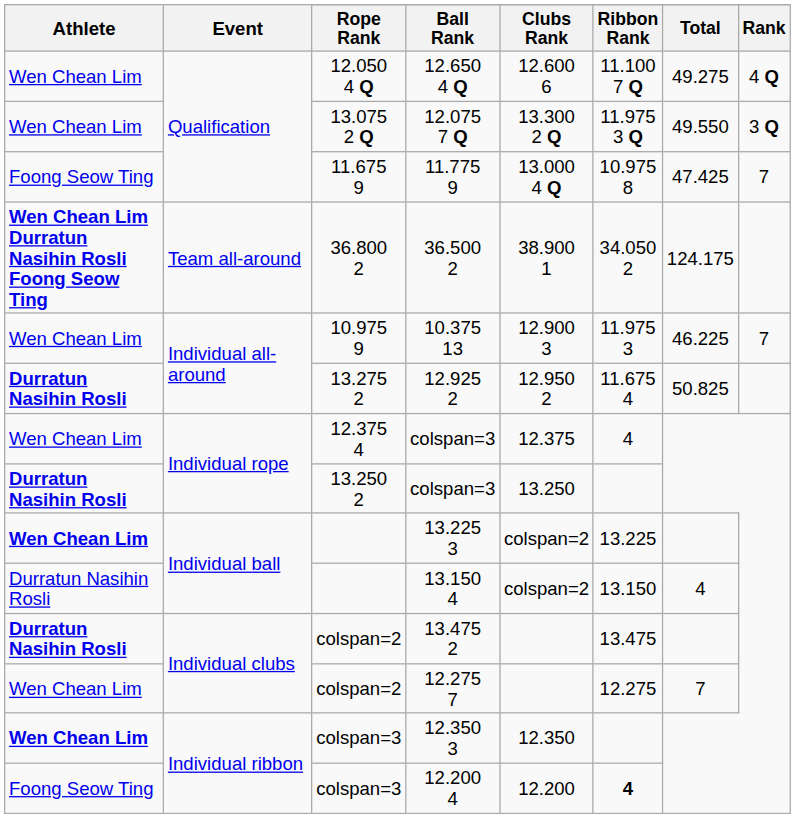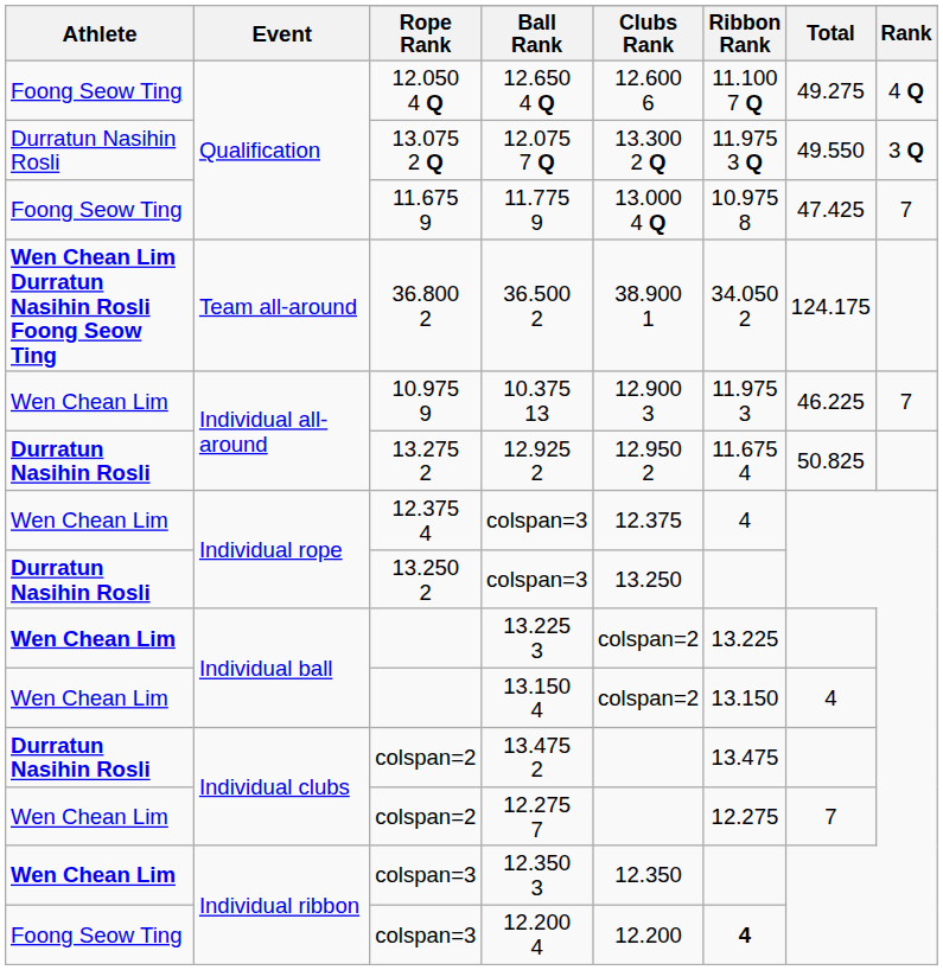 <table class=wikitable style="font-size:90%">
 <tr>
 <th rowspan=2>Athlete</th>
 <th rowspan=2>Event</th>
 </tr>
 <tr style="font-size:95%">
 <th>Rope<br>Rank</th>
 <th>Ball<br>Rank</th>
 <th>Clubs<br>Rank</th>
 <th>Ribbon<br>Rank</th>
 <th>Total</th>
 <th>Rank</th>
 </tr>
 <tr align=center>
-<td align=left><a href='#'>Wen Chean Lim</a></td>
+<td align=left><a href='#'>Foong Seow Ting</a></td>
 <td align=left rowspan=3><a href='#'>Qualification</a></td>
 <td>12.050<br>4 <strong>Q</strong></td>
 <td>12.650<br>4 <strong>Q</strong></td>
 <td>12.600<br>6</td>
 <td>11.100<br>7 <strong>Q</strong></td>
 <td>49.275</td>
 <td>4 <strong>Q</strong></td>
 </tr>
 <tr align=center>
-<td align=left><a href='#'>Wen Chean Lim</a></td>
+<td align=left><a href='#'>Durratun Nasihin Rosli</a></td>
 <td>13.075<br>2 <strong>Q</strong></td>
 <td>12.075<br>7 <strong>Q</strong></td>
 <td>13.300<br>2 <strong>Q</strong></td>
 <td>11.975<br>3 <strong>Q</strong></td>
 <td>49.550</td>
 <td>3 <strong>Q</strong></td>
 </tr>
 <tr align=center>
 <td align=left><a href='#'>Foong Seow Ting</a></td>
 <td>11.675<br>9</td>
 <td>11.775<br>9</td>
 <td>13.000<br>4 <strong>Q</strong></td>
 <td>10.975<br>8</td>
 <td>47.425</td>
 <td>7</td>
 </tr>
 <tr align=center>
 <td align=left><strong><a href='#'>Wen Chean Lim</a><br><a href='#'>Durratun Nasihin Rosli</a><br><a href='#'>Foong Seow Ting</a></strong></td>
 <td align=left><a href='#'>Team all-around</a></td>
 <td>36.800<br>2</td>
 <td>36.500<br>2</td>
 <td>38.900<br>1</td>
 <td>34.050<br>2</td>
 <td>124.175</td>
 <td></td>
 </tr>
 <tr align=center>
 <td align=left><a href='#'>Wen Chean Lim</a></td>
 <td align=left rowspan=2><a href='#'>Individual all-around</a></td>
 <td>10.975<br>9</td>
 <td>10.375<br>13</td>
 <td>12.900<br>3</td>
 <td>11.975<br>3</td>
 <td>46.225</td>
 <td>7</td>
 </tr>
 <tr align=center>
 <td align=left><strong><a href='#'>Durratun Nasihin Rosli</a></strong></td>
 <td>13.275<br>2</td>
 <td>12.925<br>2</td>
 <td>12.950<br>2</td>
 <td>11.675<br>4</td>
 <td>50.825</td>
 <td></td>
 </tr>
 <tr align=center>
 <td align=left><a href='#'>Wen Chean Lim</a></td>
 <td align=left rowspan=2><a href='#'>Individual rope</a></td>
 <td>12.375<br>4</td>
 <td>colspan=3 </td>
 <td>12.375</td>
 <td>4</td>
 </tr>
 <tr align=center>
 <td align=left><strong><a href='#'>Durratun Nasihin Rosli</a></strong></td>
 <td>13.250<br>2</td>
 <td>colspan=3 </td>
 <td>13.250</td>
 <td></td>
 </tr>
 <tr align=center>
 <td align=left><strong><a href='#'>Wen Chean Lim</a></strong></td>
 <td align=left rowspan=2><a href='#'>Individual ball</a></td>
 <td></td>
 <td>13.225<br>3</td>
 <td>colspan=2 </td>
 <td>13.225</td>
 <td></td>
 </tr>
 <tr align=center>
-<td align=left><a href='#'>Durratun Nasihin Rosli</a></td>
+<td align=left><a href='#'>Wen Chean Lim</a></td>
 <td></td>
 <td>13.150<br>4</td>
 <td>colspan=2 </td>
 <td>13.150</td>
 <td>4</td>
 </tr>
 <tr align=center>
 <td align=left><strong><a href='#'>Durratun Nasihin Rosli</a></strong></td>
 <td align=left rowspan=2><a href='#'>Individual clubs</a></td>
 <td>colspan=2 </td>
 <td>13.475<br>2</td>
 <td></td>
 <td>13.475</td>
 <td></td>
 </tr>
 <tr align=center>
 <td align=left><a href='#'>Wen Chean Lim</a></td>
 <td>colspan=2 </td>
 <td>12.275<br>7</td>
 <td></td>
 <td>12.275</td>
 <td>7</td>
 </tr>
 <tr align=center>
 <td align=left><strong><a href='#'>Wen Chean Lim</a></strong></td>
 <td align=left rowspan=2><a href='#'>Individual ribbon</a></td>
 <td>colspan=3 </td>
 <td>12.350<br>3</td>
 <td>12.350</td>
 <td></td>
 </tr>
 <tr align=center>
 <td align=left><a href='#'>Foong Seow Ting</a></td>
 <td>colspan=3 </td>
 <td>12.200<br>4</td>
 <td>12.200</td>
 <td><strong>4</strong></td>
 </tr>
 </table>
